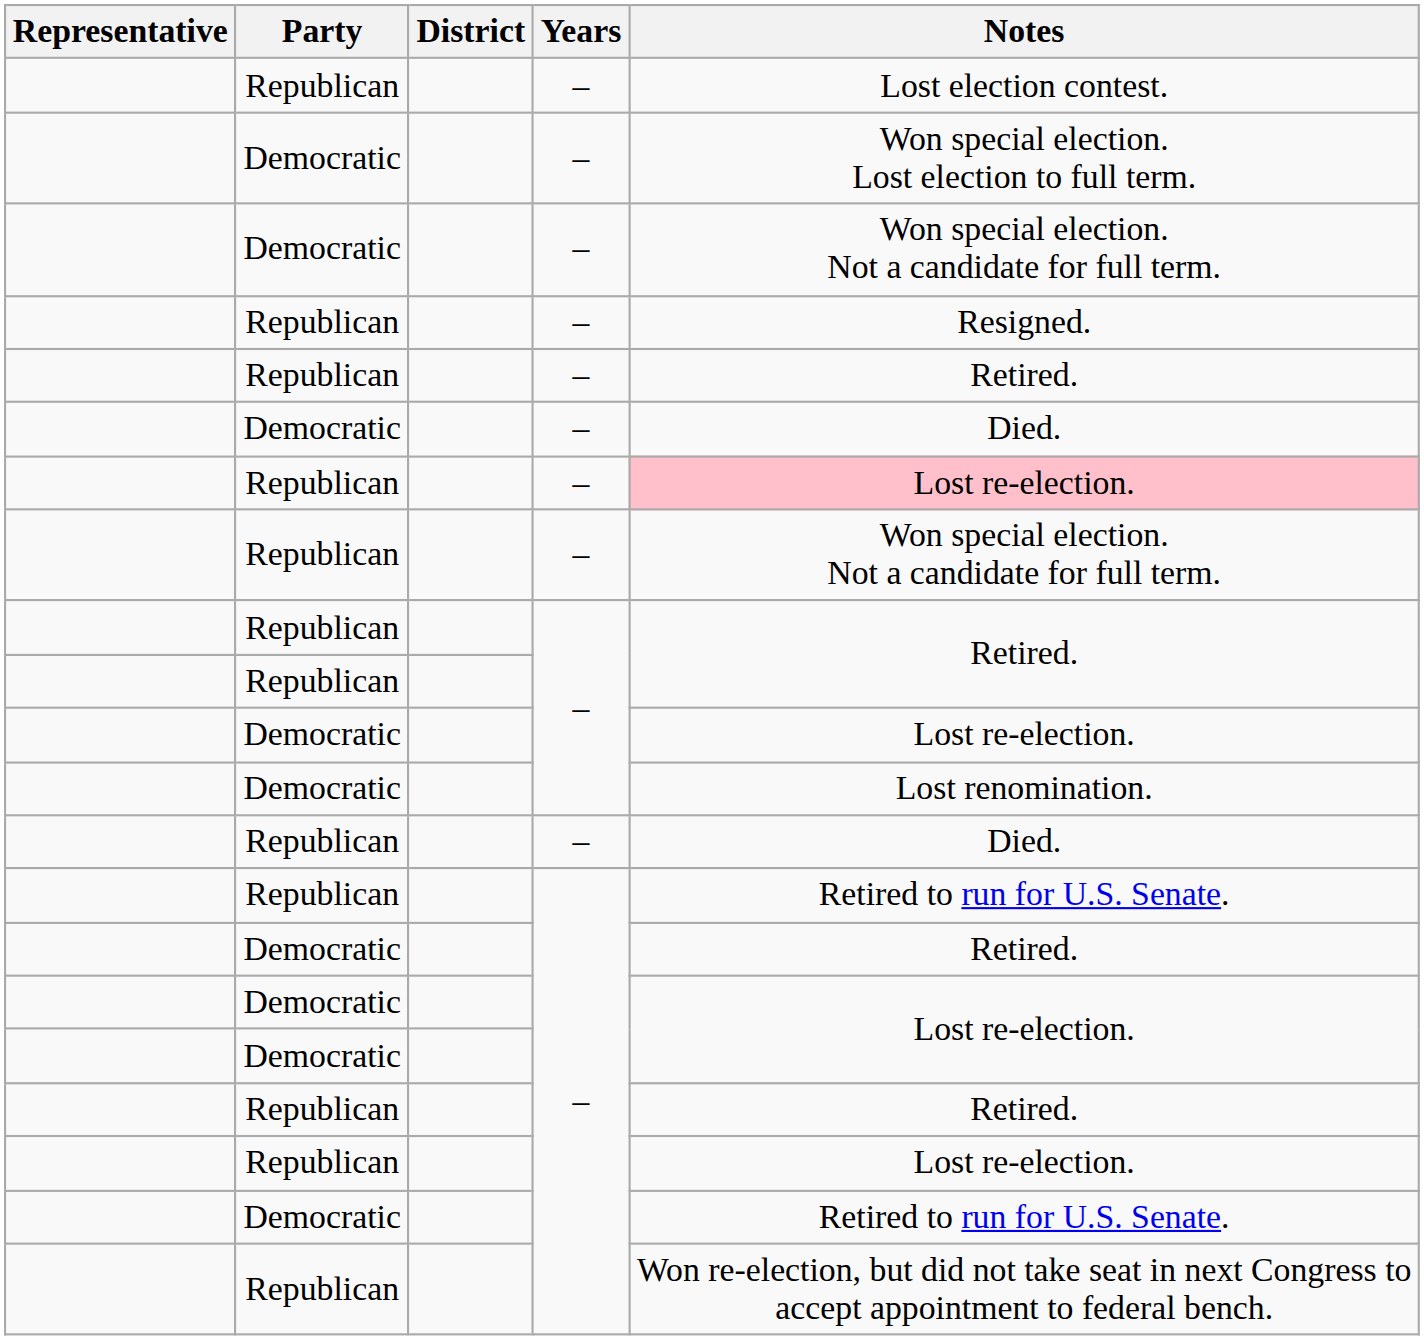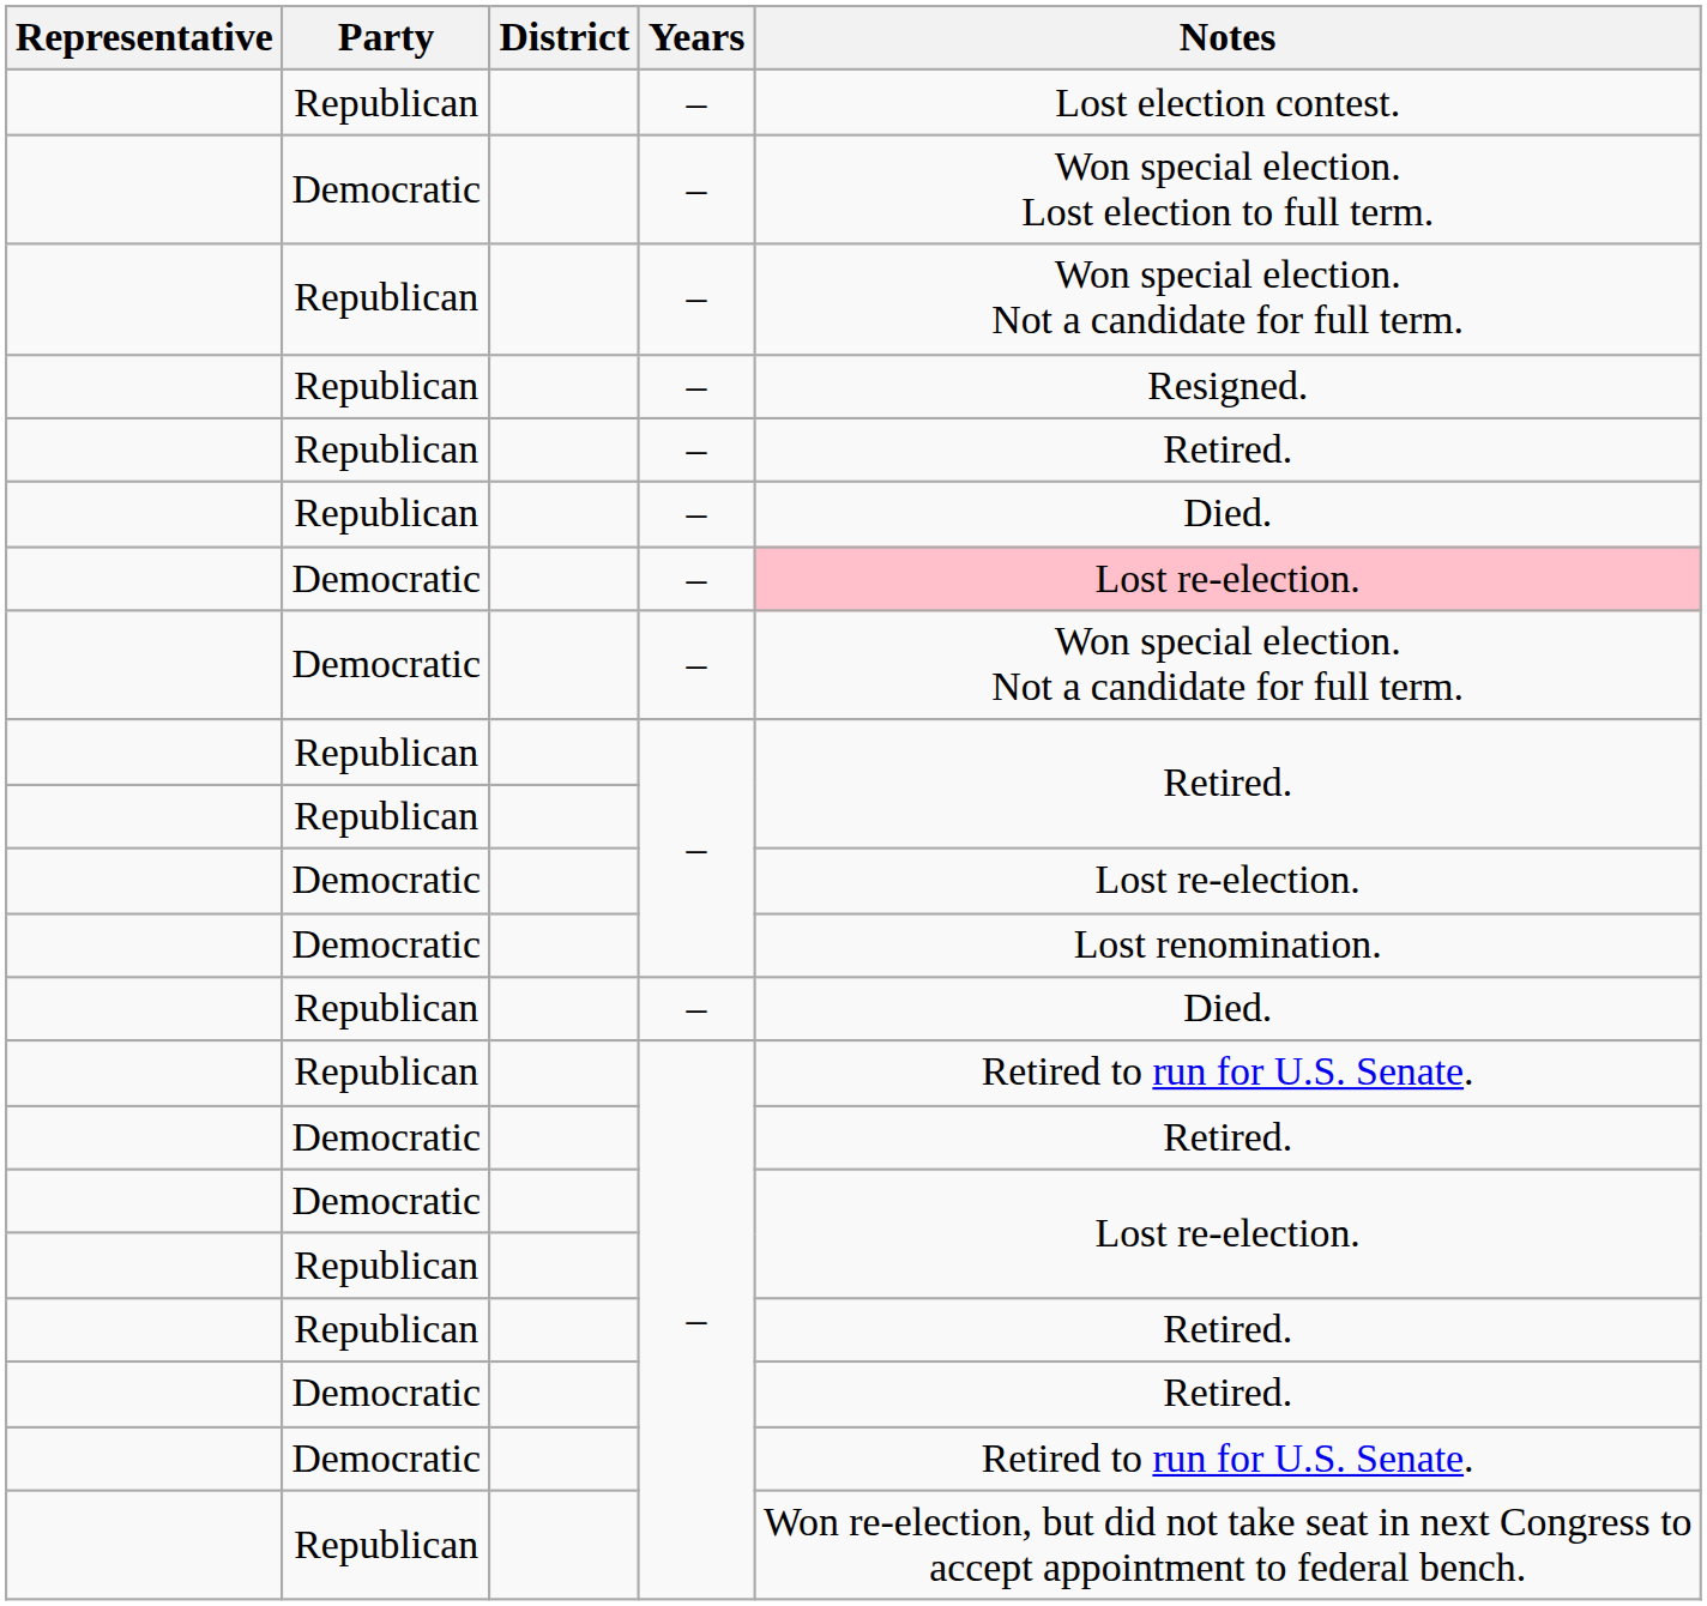 <table class="wikitable sortable" style="text-align:center">
 <tr valign=bottom>
 <th>Representative</th>
 <th>Party</th>
 <th>District</th>
 <th>Years</th>
 <th>Notes</th>
 </tr>
 <tr>
 <td align=left></td>
 <td>Republican</td>
 <td></td>
 <td> –<br></td>
 <td>Lost election contest.</td>
 </tr>
 <tr>
 <td align=left></td>
 <td>Democratic</td>
 <td></td>
 <td> –<br></td>
 <td>Won special election.<br>Lost election to full term.</td>
 </tr>
 <tr>
 <td align=left></td>
-<td>Democratic</td>
+<td>Republican</td>
 <td></td>
 <td> –<br></td>
 <td>Won special election.<br>Not a candidate for full term.</td>
 </tr>
 <tr>
 <td align=left></td>
 <td>Republican</td>
 <td></td>
 <td> –<br></td>
 <td>Resigned.</td>
 </tr>
 <tr>
 <td align=left></td>
 <td>Republican</td>
 <td></td>
 <td> –<br></td>
 <td>Retired.</td>
 </tr>
 <tr>
 <td align=left></td>
-<td>Democratic</td>
+<td>Republican</td>
 <td></td>
 <td> –<br></td>
 <td>Died.</td>
 </tr>
 <tr>
 <td align=left></td>
-<td>Republican</td>
+<td>Democratic</td>
 <td></td>
 <td> –<br></td>
 <td style="background: pink;">Lost re-election.</td>
 </tr>
 <tr>
 <td align=left></td>
-<td>Republican</td>
+<td>Democratic</td>
 <td></td>
 <td> –<br></td>
 <td>Won special election.<br>Not a candidate for full term.</td>
 </tr>
 <tr>
 <td align=left></td>
 <td>Republican</td>
 <td></td>
 <td rowspan="4"> –<br></td>
 <td rowspan="2">Retired.</td>
 </tr>
 <tr>
 <td align=left></td>
 <td>Republican</td>
 <td></td>
 </tr>
 <tr>
 <td align=left></td>
 <td>Democratic</td>
 <td></td>
 <td>Lost re-election.</td>
 </tr>
 <tr>
 <td align=left></td>
 <td>Democratic</td>
 <td></td>
 <td>Lost renomination.</td>
 </tr>
 <tr>
 <td align=left></td>
 <td>Republican</td>
 <td></td>
 <td> –<br></td>
 <td>Died.</td>
 </tr>
 <tr>
 <td align=left></td>
 <td>Republican</td>
 <td></td>
 <td rowspan="8"> –<br></td>
 <td>Retired to <a href='#'>run for U.S. Senate</a>.</td>
 </tr>
 <tr>
 <td align=left></td>
 <td>Democratic</td>
 <td></td>
 <td>Retired.</td>
 </tr>
 <tr>
 <td align=left></td>
 <td>Democratic</td>
 <td></td>
 <td rowspan="2">Lost re-election.</td>
 </tr>
 <tr>
 <td align=left></td>
-<td>Democratic</td>
+<td>Republican</td>
 <td></td>
 </tr>
 <tr>
 <td align=left></td>
 <td>Republican</td>
 <td></td>
 <td>Retired.</td>
 </tr>
 <tr>
 <td align=left></td>
-<td>Republican</td>
+<td>Democratic</td>
 <td></td>
-<td>Lost re-election.</td>
+<td>Retired.</td>
 </tr>
 <tr>
 <td align=left></td>
 <td>Democratic</td>
 <td></td>
 <td>Retired to <a href='#'>run for U.S. Senate</a>.</td>
 </tr>
 <tr>
 <td align=left></td>
 <td>Republican</td>
 <td></td>
 <td>Won re-election, but did not take seat in next Congress to<br>accept appointment to federal bench.</td>
 </tr>
 </table>
